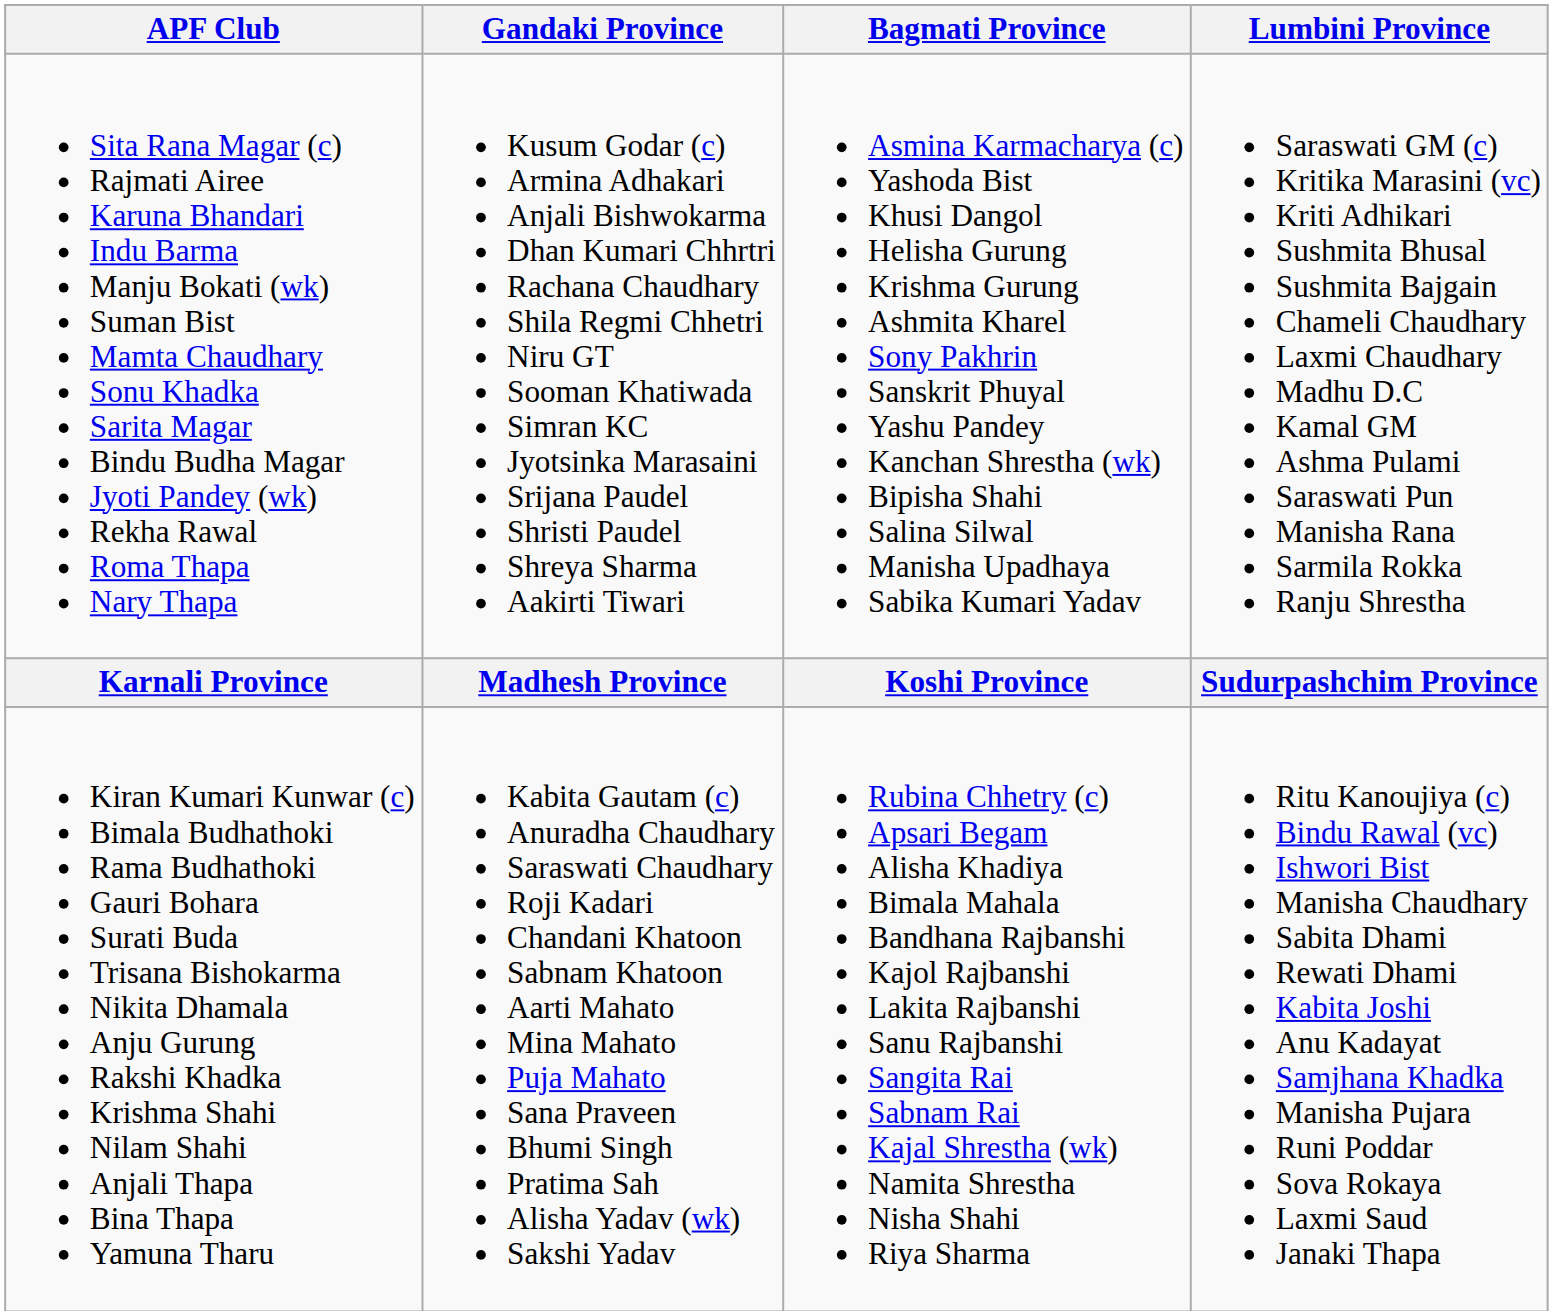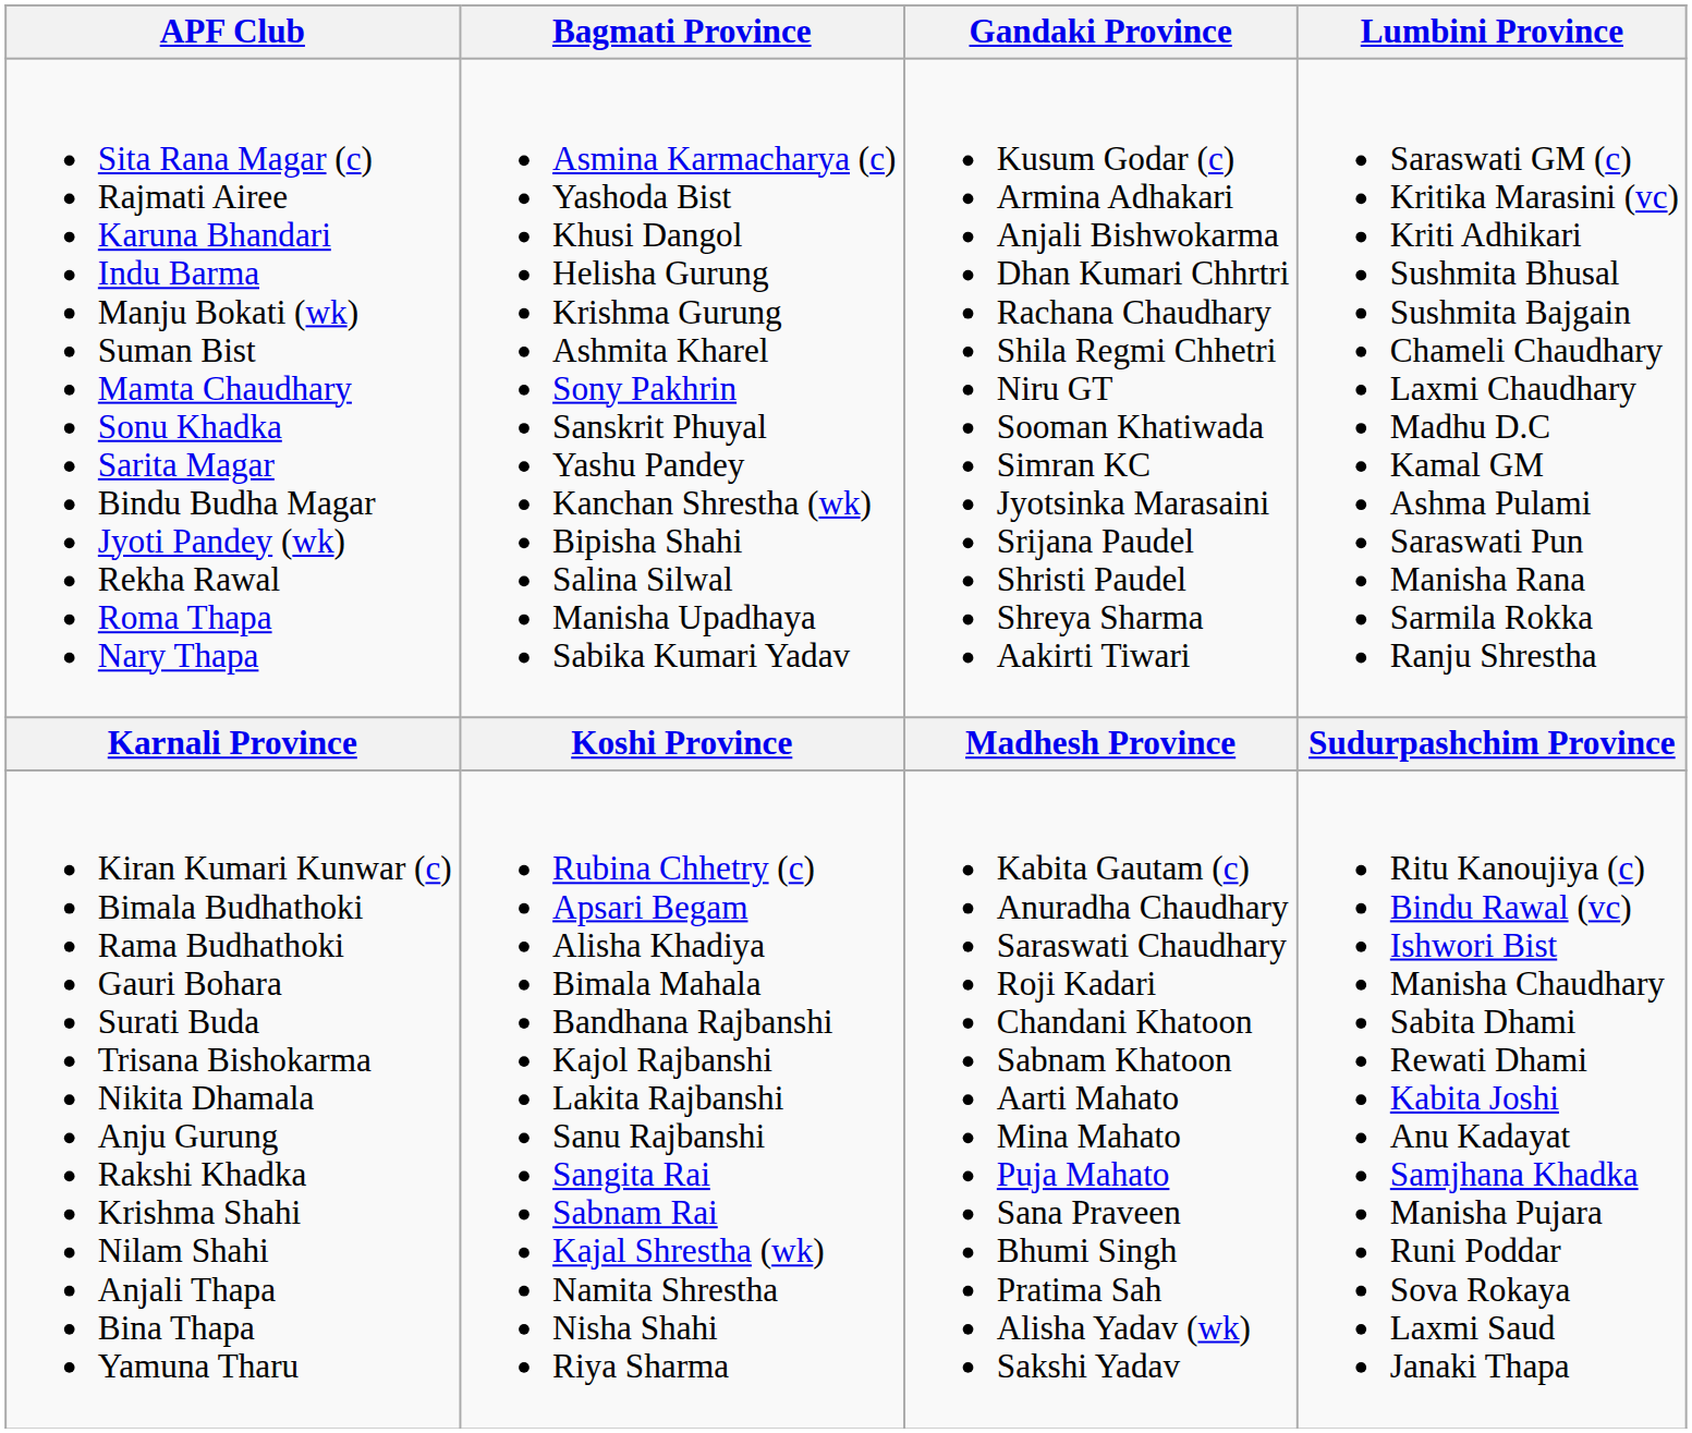 <table class="wikitable" style="text-align:left; margin:auto">
 <tr>
 <th><a href='#'>APF Club</a></th>
+<th><a href='#'>Bagmati Province</a></th>
 <th><a href='#'>Gandaki Province</a></th>
-<th><a href='#'>Bagmati Province</a></th>
 <th><a href='#'>Lumbini Province</a></th>
 </tr>
 <tr>
 <td valign=top><br><ul><li><a href='#'>Sita Rana Magar</a> (<a href='#'>c</a>)</li><li>Rajmati Airee</li><li><a href='#'>Karuna Bhandari</a></li><li><a href='#'>Indu Barma</a></li><li>Manju Bokati (<a href='#'>wk</a>)</li><li>Suman Bist</li><li><a href='#'>Mamta Chaudhary</a></li><li><a href='#'>Sonu Khadka</a></li><li><a href='#'>Sarita Magar</a></li><li>Bindu Budha Magar</li><li><a href='#'>Jyoti Pandey</a> (<a href='#'>wk</a>)</li><li>Rekha Rawal</li><li><a href='#'>Roma Thapa</a></li><li><a href='#'>Nary Thapa</a></li></ul></td>
+<td valign=top><br><ul><li><a href='#'>Asmina Karmacharya</a> (<a href='#'>c</a>)</li><li>Yashoda Bist</li><li>Khusi Dangol</li><li>Helisha Gurung</li><li>Krishma Gurung</li><li>Ashmita Kharel</li><li><a href='#'>Sony Pakhrin</a></li><li>Sanskrit Phuyal</li><li>Yashu Pandey</li><li>Kanchan Shrestha (<a href='#'>wk</a>)</li><li>Bipisha Shahi</li><li>Salina Silwal</li><li>Manisha Upadhaya</li><li>Sabika Kumari Yadav</li></ul></td>
 <td valign=top><br><ul><li>Kusum Godar (<a href='#'>c</a>)</li><li>Armina Adhakari</li><li>Anjali Bishwokarma</li><li>Dhan Kumari Chhrtri</li><li>Rachana Chaudhary</li><li>Shila Regmi Chhetri</li><li>Niru GT</li><li>Sooman Khatiwada</li><li>Simran KC</li><li>Jyotsinka Marasaini</li><li>Srijana Paudel</li><li>Shristi Paudel</li><li>Shreya Sharma</li><li>Aakirti Tiwari</li></ul></td>
-<td valign=top><br><ul><li><a href='#'>Asmina Karmacharya</a> (<a href='#'>c</a>)</li><li>Yashoda Bist</li><li>Khusi Dangol</li><li>Helisha Gurung</li><li>Krishma Gurung</li><li>Ashmita Kharel</li><li><a href='#'>Sony Pakhrin</a></li><li>Sanskrit Phuyal</li><li>Yashu Pandey</li><li>Kanchan Shrestha (<a href='#'>wk</a>)</li><li>Bipisha Shahi</li><li>Salina Silwal</li><li>Manisha Upadhaya</li><li>Sabika Kumari Yadav</li></ul></td>
 <td valign=top><br><ul><li>Saraswati GM (<a href='#'>c</a>)</li><li>Kritika Marasini  (<a href='#'>vc</a>)</li><li>Kriti Adhikari</li><li>Sushmita Bhusal</li><li>Sushmita Bajgain</li><li>Chameli Chaudhary</li><li>Laxmi Chaudhary</li><li>Madhu D.C</li><li>Kamal GM</li><li>Ashma Pulami</li><li>Saraswati Pun</li><li>Manisha Rana</li><li>Sarmila Rokka</li><li>Ranju Shrestha</li></ul></td>
 </tr>
 <tr>
 <th><a href='#'>Karnali Province</a></th>
+<th><a href='#'>Koshi Province</a></th>
 <th><a href='#'>Madhesh Province</a></th>
-<th><a href='#'>Koshi Province</a></th>
 <th><a href='#'>Sudurpashchim Province</a></th>
 </tr>
 <tr>
 <td valign=top><br><ul><li>Kiran Kumari Kunwar (<a href='#'>c</a>)</li><li>Bimala Budhathoki</li><li>Rama Budhathoki</li><li>Gauri Bohara</li><li>Surati Buda</li><li>Trisana Bishokarma</li><li>Nikita Dhamala</li><li>Anju Gurung</li><li>Rakshi Khadka</li><li>Krishma Shahi</li><li>Nilam Shahi</li><li>Anjali Thapa</li><li>Bina Thapa</li><li>Yamuna Tharu</li></ul></td>
+<td valign=top><br><ul><li><a href='#'>Rubina Chhetry</a> (<a href='#'>c</a>)</li><li><a href='#'>Apsari Begam</a></li><li>Alisha Khadiya</li><li>Bimala Mahala</li><li>Bandhana Rajbanshi</li><li>Kajol Rajbanshi</li><li>Lakita Rajbanshi</li><li>Sanu Rajbanshi</li><li><a href='#'>Sangita Rai</a></li><li><a href='#'>Sabnam Rai</a></li><li><a href='#'>Kajal Shrestha</a> (<a href='#'>wk</a>)</li><li>Namita Shrestha</li><li>Nisha Shahi</li><li>Riya Sharma</li></ul></td>
 <td valign=top><br><ul><li>Kabita Gautam (<a href='#'>c</a>)</li><li>Anuradha Chaudhary</li><li>Saraswati Chaudhary</li><li>Roji Kadari</li><li>Chandani Khatoon</li><li>Sabnam Khatoon</li><li>Aarti Mahato</li><li>Mina Mahato</li><li><a href='#'>Puja Mahato</a></li><li>Sana Praveen</li><li>Bhumi Singh</li><li>Pratima Sah</li><li>Alisha Yadav (<a href='#'>wk</a>)</li><li>Sakshi Yadav</li></ul></td>
-<td valign=top><br><ul><li><a href='#'>Rubina Chhetry</a> (<a href='#'>c</a>)</li><li><a href='#'>Apsari Begam</a></li><li>Alisha Khadiya</li><li>Bimala Mahala</li><li>Bandhana Rajbanshi</li><li>Kajol Rajbanshi</li><li>Lakita Rajbanshi</li><li>Sanu Rajbanshi</li><li><a href='#'>Sangita Rai</a></li><li><a href='#'>Sabnam Rai</a></li><li><a href='#'>Kajal Shrestha</a> (<a href='#'>wk</a>)</li><li>Namita Shrestha</li><li>Nisha Shahi</li><li>Riya Sharma</li></ul></td>
 <td valign=top><br><ul><li>Ritu Kanoujiya (<a href='#'>c</a>)</li><li><a href='#'>Bindu Rawal</a> (<a href='#'>vc</a>)</li><li><a href='#'>Ishwori Bist</a></li><li>Manisha Chaudhary</li><li>Sabita Dhami</li><li>Rewati Dhami</li><li><a href='#'>Kabita Joshi</a></li><li>Anu Kadayat</li><li><a href='#'>Samjhana Khadka</a></li><li>Manisha Pujara</li><li>Runi Poddar</li><li>Sova Rokaya</li><li>Laxmi Saud</li><li>Janaki Thapa</li></ul></td>
 </tr>
 </table>
